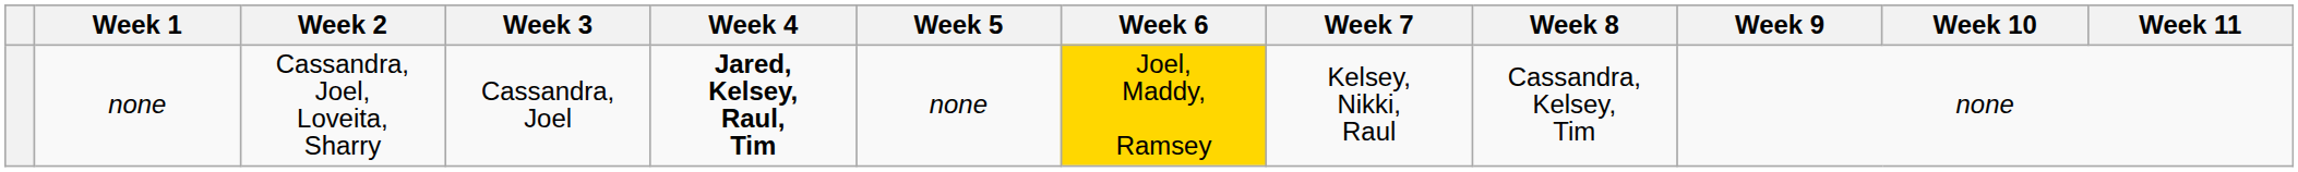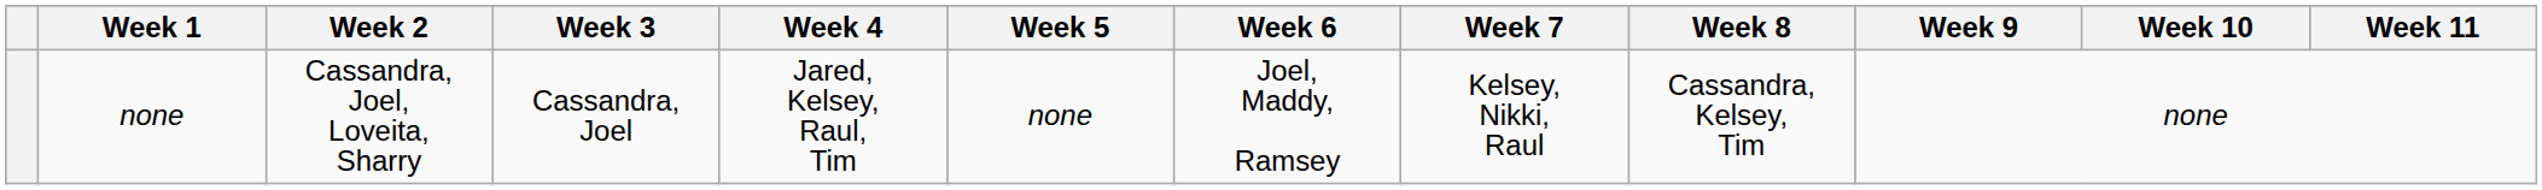 <table class="wikitable" style="text-align:center; font-size:90%; width:100%; line-height:15px;">
 <tr>
 <th style="width:1%"></th>
 <th style="width:7%">Week 1</th>
 <th style="width:7%">Week 2</th>
 <th style="width:7%">Week 3</th>
 <th style="width:7%">Week 4</th>
 <th style="width:7%">Week 5</th>
 <th style="width:7%">Week 6</th>
 <th style="width:7%">Week 7</th>
 <th style="width:7%">Week 8</th>
 <th style="width:7%">Week 9</th>
 <th style="width:7%">Week 10</th>
 <th style="width:7%">Week 11</th>
 </tr>
 <tr>
 <th></th>
 <td><em>none</em></td>
 <td>Cassandra,<br>Joel,<br>Loveita,<br>Sharry</td>
 <td>Cassandra,<br>Joel</td>
-<td><strong>Jared,<br>Kelsey,<br>Raul,<br>Tim</strong></td>
+<td>Jared,<br>Kelsey,<br>Raul,<br>Tim</td>
 <td><em>none</em></td>
-<td style="background: gold;">Joel, <br>Maddy,<br><br>Ramsey</td>
+<td>Joel, <br>Maddy,<br><br>Ramsey</td>
 <td>Kelsey, <br>Nikki, <br>Raul</td>
 <td>Cassandra,<br>Kelsey, <br>Tim</td>
 <td colspan="3"><em>none</em></td>
 </tr>
 </table>
